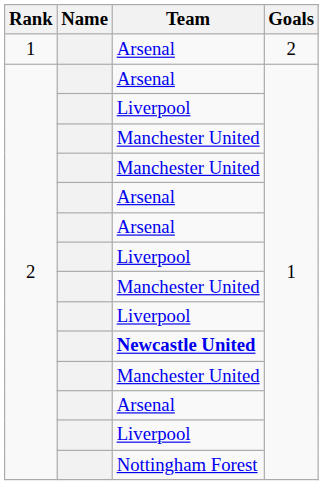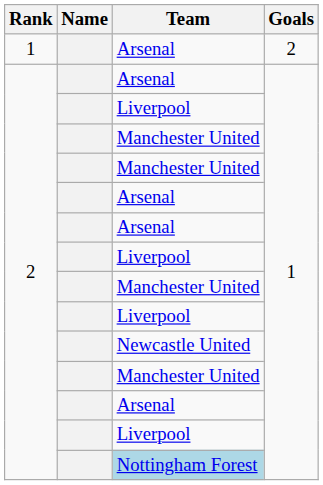 <table class="wikitable plainrowheaders sortable" cellpadding="3" style="text-align: center;">
 <tr>
 <th scope=col>Rank</th>
 <th scope=col>Name</th>
 <th scope=col>Team</th>
 <th scope=col>Goals</th>
 </tr>
 <tr>
 <td rowspan"1">1</td>
 <th scope=row> </th>
 <td align="left"><a href='#'>Arsenal</a></td>
 <td rowspan="1">2</td>
 </tr>
 <tr>
 <td rowspan="14">2</td>
 <th scope=row> </th>
 <td align="left"><a href='#'>Arsenal</a></td>
 <td rowspan="14">1</td>
 </tr>
 <tr>
 <th scope=row> </th>
 <td align="left"><a href='#'>Liverpool</a></td>
 </tr>
 <tr>
 <th scope=row> </th>
 <td align="left"><a href='#'>Manchester United</a></td>
 </tr>
 <tr>
 <th scope=row> </th>
 <td align="left"><a href='#'>Manchester United</a></td>
 </tr>
 <tr>
 <th scope=row> </th>
 <td align="left"><a href='#'>Arsenal</a></td>
 </tr>
 <tr>
 <th scope=row> </th>
 <td align="left"><a href='#'>Arsenal</a></td>
 </tr>
 <tr>
 <th scope=row> </th>
 <td align="left"><a href='#'>Liverpool</a></td>
 </tr>
 <tr>
 <th scope=row> </th>
 <td align="left"><a href='#'>Manchester United</a></td>
 </tr>
 <tr>
 <th scope=row> </th>
 <td align="left"><a href='#'>Liverpool</a></td>
 </tr>
 <tr>
 <th scope=row> </th>
-<td align="left"><strong><a href='#'>Newcastle United</a></strong></td>
+<td align="left"><a href='#'>Newcastle United</a></td>
 </tr>
 <tr>
 <th scope=row> </th>
 <td align="left"><a href='#'>Manchester United</a></td>
 </tr>
 <tr>
 <th scope=row> </th>
 <td align="left"><a href='#'>Arsenal</a></td>
 </tr>
 <tr>
 <th scope=row> </th>
 <td align="left"><a href='#'>Liverpool</a></td>
 </tr>
 <tr>
 <th scope=row> </th>
-<td align="left"><a href='#'>Nottingham Forest</a></td>
+<td align="left" style="background: lightblue;"><a href='#'>Nottingham Forest</a></td>
 </tr>
 </table>
